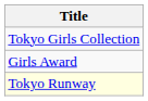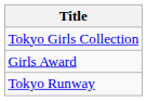 <table class="wikitable">
 <tr>
 <th>Title</th>
 </tr>
 <tr>
 <td><a href='#'>Tokyo Girls Collection</a></td>
 </tr>
 <tr>
 <td><a href='#'>Girls Award</a></td>
 </tr>
 <tr>
-<td style="background: lightyellow;"><a href='#'>Tokyo Runway</a></td>
+<td><a href='#'>Tokyo Runway</a></td>
 </tr>
 </table>
